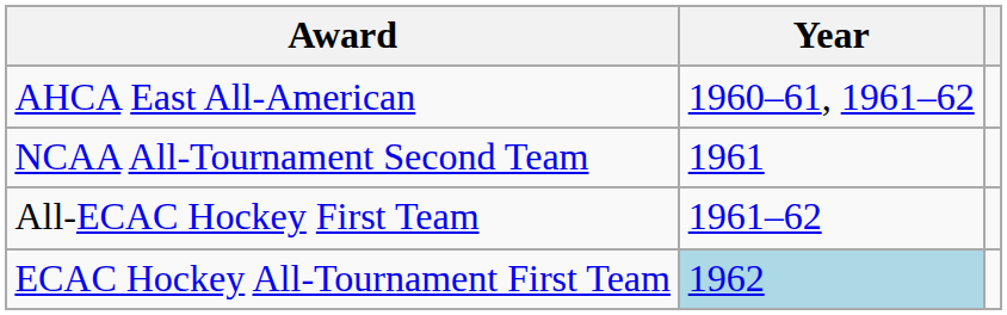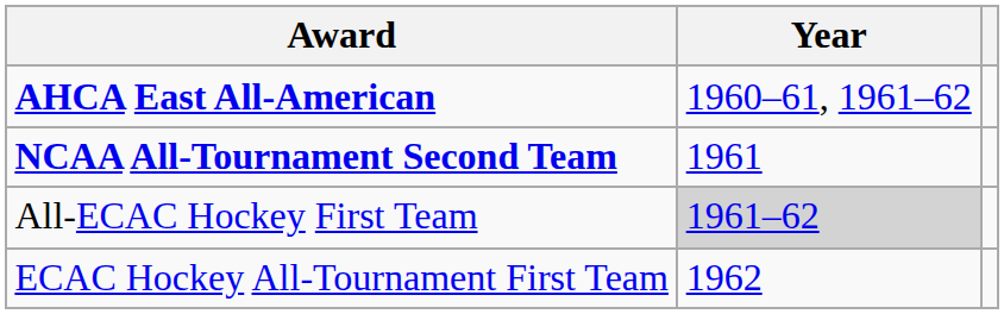 <table class="wikitable">
 <tr>
 <th>Award</th>
 <th>Year</th>
 <th></th>
 </tr>
 <tr>
-<td><a href='#'>AHCA</a> <a href='#'>East All-American</a></td>
+<td><strong><a href='#'>AHCA</a> <a href='#'>East All-American</a></strong></td>
 <td><a href='#'>1960–61</a>, <a href='#'>1961–62</a></td>
 <td></td>
 </tr>
 <tr>
-<td><a href='#'>NCAA</a> <a href='#'>All-Tournament Second Team</a></td>
+<td><strong><a href='#'>NCAA</a> <a href='#'>All-Tournament Second Team</a></strong></td>
 <td><a href='#'>1961</a></td>
 <td></td>
 </tr>
 <tr>
 <td>All-<a href='#'>ECAC Hockey</a> <a href='#'>First Team</a></td>
-<td><a href='#'>1961–62</a></td>
+<td style="background: lightgrey;"><a href='#'>1961–62</a></td>
 <td></td>
 </tr>
 <tr>
 <td><a href='#'>ECAC Hockey</a> <a href='#'>All-Tournament First Team</a></td>
-<td style="background: lightblue;"><a href='#'>1962</a></td>
+<td><a href='#'>1962</a></td>
 <td></td>
 </tr>
 <tr>
 </tr>
 </table>
